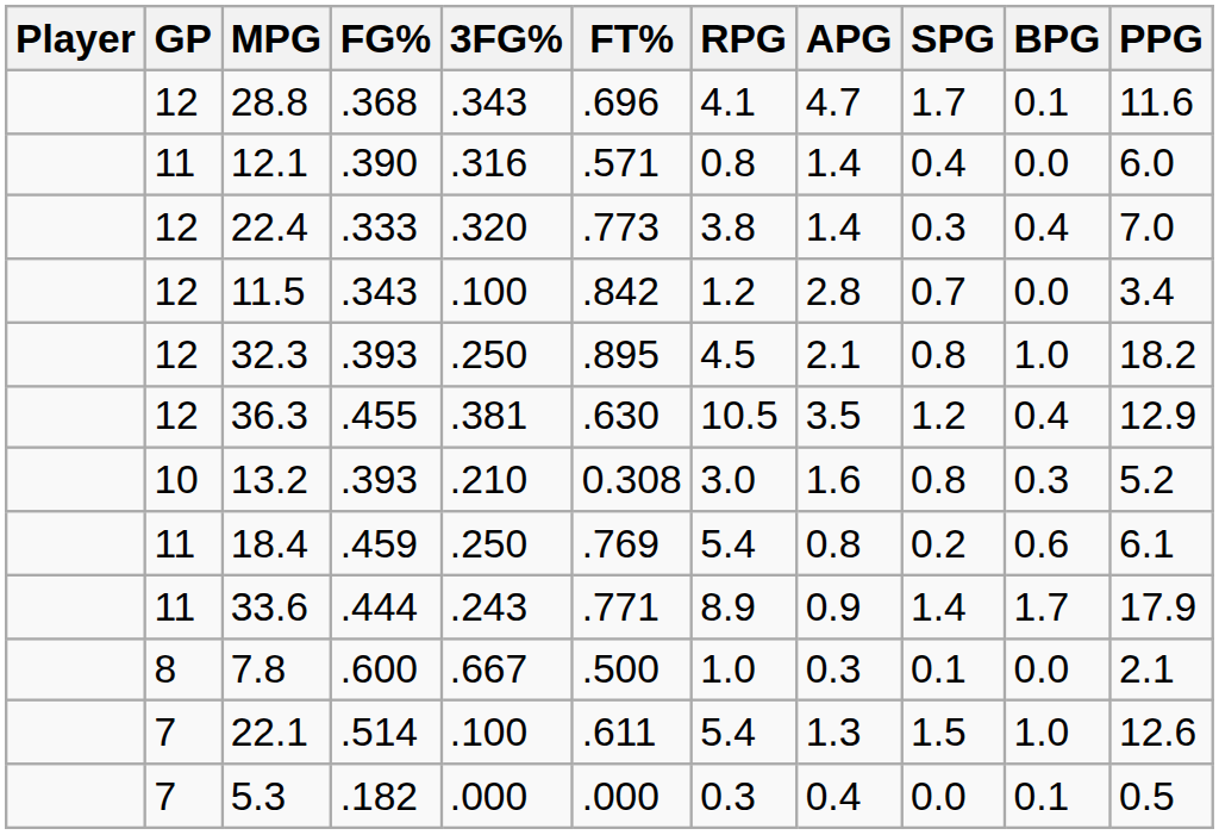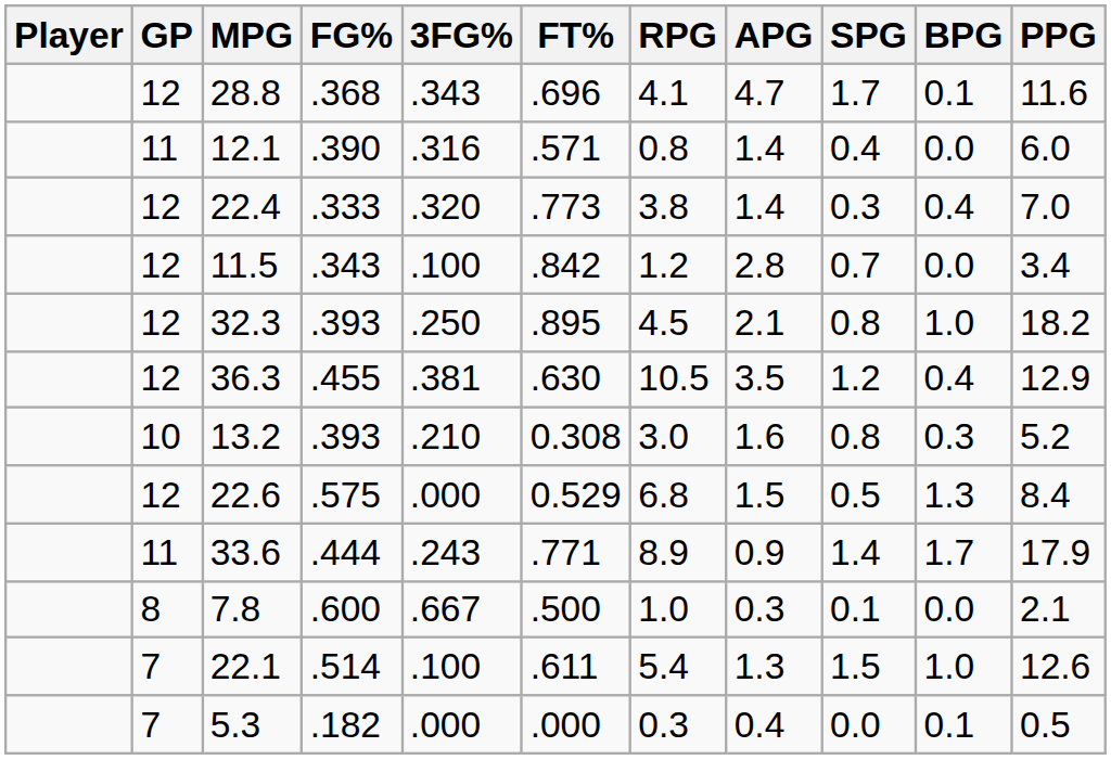 <table class="wikitable sortable" style="font-size: 90%">
 <tr>
 <th>Player</th>
 <th>GP</th>
 <th>MPG</th>
 <th>FG%</th>
 <th>3FG%</th>
 <th>FT%</th>
 <th>RPG</th>
 <th>APG</th>
 <th>SPG</th>
 <th>BPG</th>
 <th>PPG</th>
 </tr>
 <tr>
 <td></td>
 <td>12</td>
 <td>28.8</td>
 <td>.368</td>
 <td>.343</td>
 <td>.696</td>
 <td>4.1</td>
 <td>4.7</td>
 <td>1.7</td>
 <td>0.1</td>
 <td>11.6</td>
 </tr>
 <tr>
 <td></td>
 <td>11</td>
 <td>12.1</td>
 <td>.390</td>
 <td>.316</td>
 <td>.571</td>
 <td>0.8</td>
 <td>1.4</td>
 <td>0.4</td>
 <td>0.0</td>
 <td>6.0</td>
 </tr>
 <tr>
 <td></td>
 <td>12</td>
 <td>22.4</td>
 <td>.333</td>
 <td>.320</td>
 <td>.773</td>
 <td>3.8</td>
 <td>1.4</td>
 <td>0.3</td>
 <td>0.4</td>
 <td>7.0</td>
 </tr>
 <tr>
 <td></td>
 <td>12</td>
 <td>11.5</td>
 <td>.343</td>
 <td>.100</td>
 <td>.842</td>
 <td>1.2</td>
 <td>2.8</td>
 <td>0.7</td>
 <td>0.0</td>
 <td>3.4</td>
 </tr>
 <tr>
 <td></td>
 <td>12</td>
 <td>32.3</td>
 <td>.393</td>
 <td>.250</td>
 <td>.895</td>
 <td>4.5</td>
 <td>2.1</td>
 <td>0.8</td>
 <td>1.0</td>
 <td>18.2</td>
 </tr>
 <tr>
 <td></td>
 <td>12</td>
 <td>36.3</td>
 <td>.455</td>
 <td>.381</td>
 <td>.630</td>
 <td>10.5</td>
 <td>3.5</td>
 <td>1.2</td>
 <td>0.4</td>
 <td>12.9</td>
 </tr>
 <tr>
 <td></td>
 <td>10</td>
 <td>13.2</td>
 <td>.393</td>
 <td>.210</td>
 <td>0.308</td>
 <td>3.0</td>
 <td>1.6</td>
 <td>0.8</td>
 <td>0.3</td>
 <td>5.2</td>
 </tr>
 <tr>
 <td></td>
-<td>11</td>
-<td>18.4</td>
-<td>.459</td>
-<td>.250</td>
-<td>.769</td>
-<td>5.4</td>
-<td>0.8</td>
-<td>0.2</td>
-<td>0.6</td>
-<td>6.1</td>
+<td>12</td>
+<td>22.6</td>
+<td>.575</td>
+<td>.000</td>
+<td>0.529</td>
+<td>6.8</td>
+<td>1.5</td>
+<td>0.5</td>
+<td>1.3</td>
+<td>8.4</td>
 </tr>
 <tr>
 <td></td>
 <td>11</td>
 <td>33.6</td>
 <td>.444</td>
 <td>.243</td>
 <td>.771</td>
 <td>8.9</td>
 <td>0.9</td>
 <td>1.4</td>
 <td>1.7</td>
 <td>17.9</td>
 </tr>
 <tr>
 <td></td>
 <td>8</td>
 <td>7.8</td>
 <td>.600</td>
 <td>.667</td>
 <td>.500</td>
 <td>1.0</td>
 <td>0.3</td>
 <td>0.1</td>
 <td>0.0</td>
 <td>2.1</td>
 </tr>
 <tr>
 <td></td>
 <td>7</td>
 <td>22.1</td>
 <td>.514</td>
 <td>.100</td>
 <td>.611</td>
 <td>5.4</td>
 <td>1.3</td>
 <td>1.5</td>
 <td>1.0</td>
 <td>12.6</td>
 </tr>
 <tr>
 <td></td>
 <td>7</td>
 <td>5.3</td>
 <td>.182</td>
 <td>.000</td>
 <td>.000</td>
 <td>0.3</td>
 <td>0.4</td>
 <td>0.0</td>
 <td>0.1</td>
 <td>0.5</td>
 </tr>
 </table>
